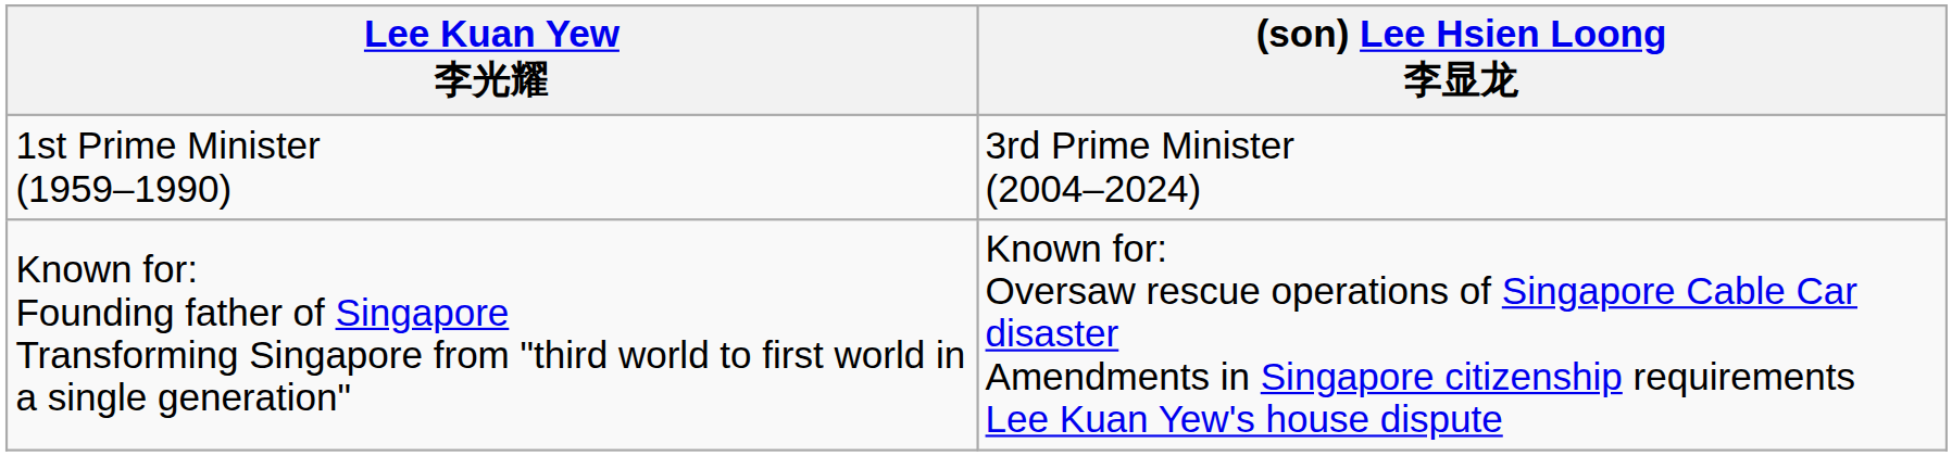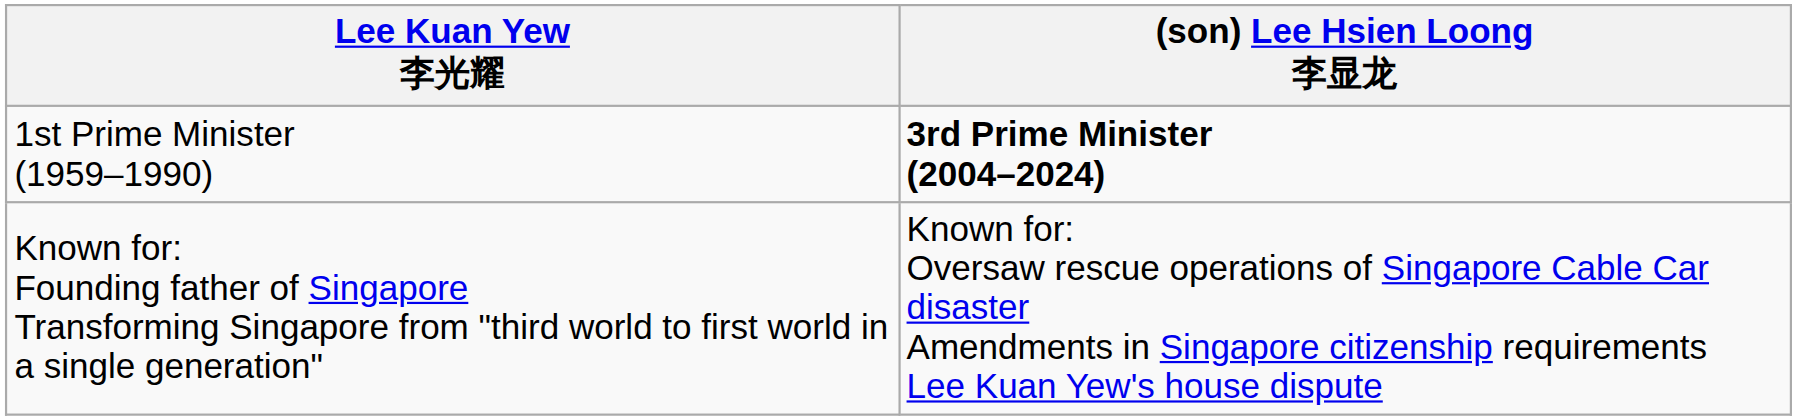 <table class="wikitable" style="margin-left: auto; margin-right: auto; border: none;">
 <tr>
 <th scope="col" style="width: 300pt;"><a href='#'>Lee Kuan Yew</a><br>李光耀<br></th>
 <th scope="col" style="width: 300pt;">(son) <a href='#'>Lee Hsien Loong</a><br>李显龙<br></th>
 </tr>
 <tr>
 <td>1st Prime Minister<br>(1959–1990)</td>
-<td>3rd Prime Minister<br>(2004–2024)</td>
+<td><strong>3rd Prime Minister<br>(2004–2024)</strong></td>
 </tr>
 <tr>
 <td>Known for:<br>Founding father of <a href='#'>Singapore</a><br>Transforming Singapore from "third world to first world in a single generation"</td>
 <td>Known for:<br>Oversaw rescue operations of <a href='#'>Singapore Cable Car disaster</a><br>Amendments in <a href='#'>Singapore citizenship</a> requirements<br><a href='#'>Lee Kuan Yew's house dispute</a></td>
 </tr>
 </table>
